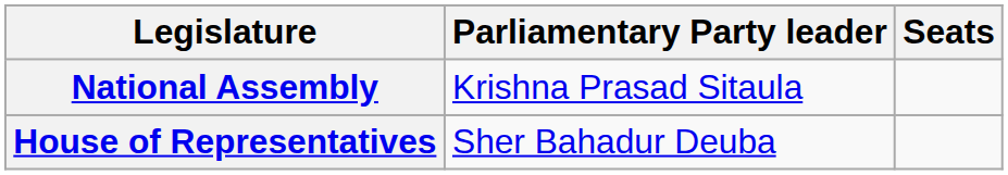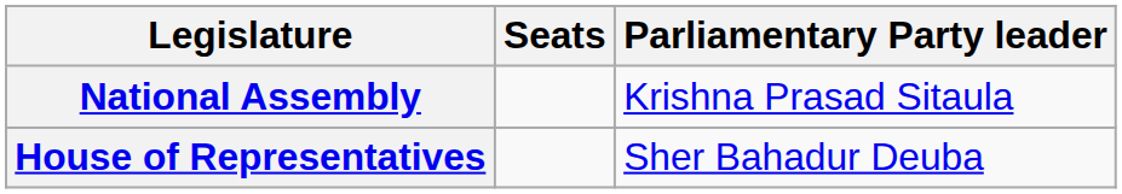 <table class="wikitable">
 <tr>
 <th style="background-color:">Legislature</th>
+<th style="background-color:">Seats</th>
 <th style="background-color:">Parliamentary Party leader</th>
-<th style="background-color:">Seats</th>
 </tr>
 <tr>
 <th><a href='#'>National Assembly</a></th>
+<td></td>
 <td><a href='#'>Krishna Prasad Sitaula</a></td>
-<td></td>
 </tr>
 <tr>
 <th><a href='#'>House of Representatives</a></th>
+<td></td>
 <td><a href='#'>Sher Bahadur Deuba</a></td>
-<td></td>
 </tr>
 </table>
